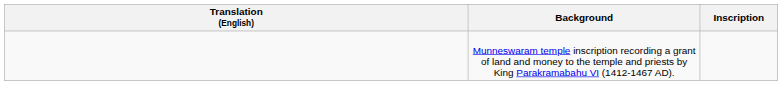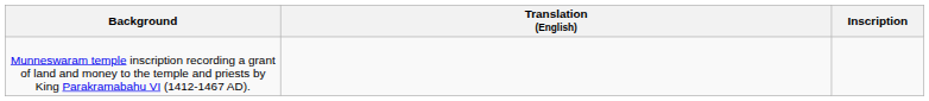 <table class="wikitable centre">
 <tr>
+<th scope="col" align=left>Background<br></th>
 <th>Translation<br><small>(English)</small></th>
-<th scope="col" align=left>Background<br></th>
 <th>Inscription<br></th>
 </tr>
 <tr>
+<td align=center width="30%"><br><a href='#'>Munneswaram temple</a> inscription recording a grant of land and money to the temple and priests by King <a href='#'>Parakramabahu VI</a> (1412-1467 AD).</td>
 <td align=left><br></td>
-<td align=center width="30%"><br><a href='#'>Munneswaram temple</a> inscription recording a grant of land and money to the temple and priests by King <a href='#'>Parakramabahu VI</a> (1412-1467 AD).</td>
 <td align=center width="10%"><br></td>
 </tr>
 </table>
